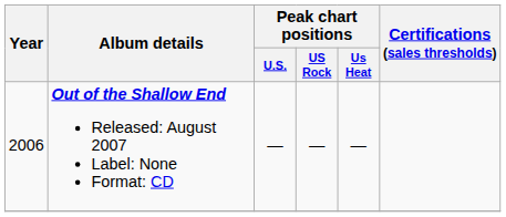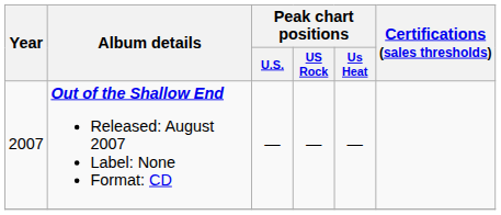 <table class="wikitable">
 <tr>
 <th rowspan="2">Year</th>
 <th rowspan="2" width="200">Album details</th>
 <th colspan="3">Peak chart positions</th>
 <th rowspan="2"><a href='#'>Certifications</a><br><small>(<a href='#'>sales thresholds</a>)</small></th>
 </tr>
 <tr>
 <th style="width:3em;font-size:75%"><a href='#'>U.S.</a></th>
 <th style="width:3em;font-size:75%"><a href='#'>US Rock</a></th>
 <th style="width:3em;font-size:75%"><a href='#'>Us Heat</a></th>
 </tr>
 <tr>
-<td>2006</td>
+<td>2007</td>
 <td align="left"><strong><em><a href='#'>Out of the Shallow End</a></em></strong><br><ul><li>Released: August 2007</li><li>Label: None</li><li>Format: <a href='#'>CD</a></li></ul></td>
 <td align="center">—</td>
 <td align="center">—</td>
 <td align="center">—</td>
 <td></td>
 </tr>
 <tr>
 </tr>
 </table>
